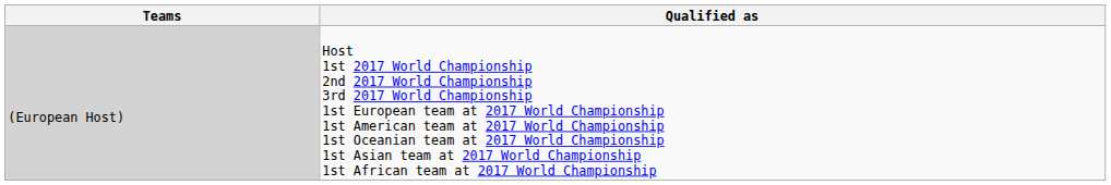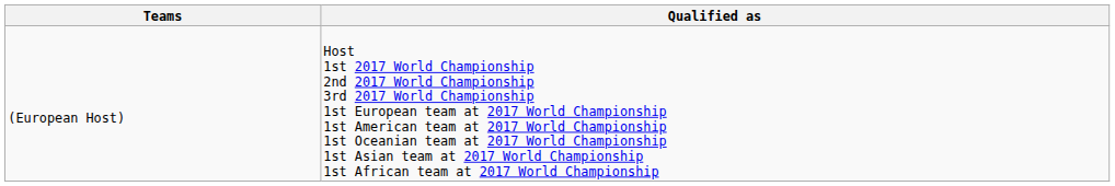 <table class=wikitable width=70%>
 <tr>
 <th width=20%>Teams</th>
 <th width=50%>Qualified as</th>
 </tr>
 <tr>
-<td style="background: lightgrey;"><br><br><br><br><br>(European Host)<br><br><br><br></td>
+<td><br><br><br><br><br>(European Host)<br><br><br><br></td>
 <td><br>Host<br>1st <a href='#'>2017 World Championship</a><br>2nd <a href='#'>2017 World Championship</a><br>3rd <a href='#'>2017 World Championship</a><br>1st European team at <a href='#'>2017 World Championship</a><br>1st American team at <a href='#'>2017 World Championship</a><br>1st Oceanian team at <a href='#'>2017 World Championship</a><br>1st Asian team at <a href='#'>2017 World Championship</a><br>1st African team at <a href='#'>2017 World Championship</a></td>
 </tr>
 </table>
